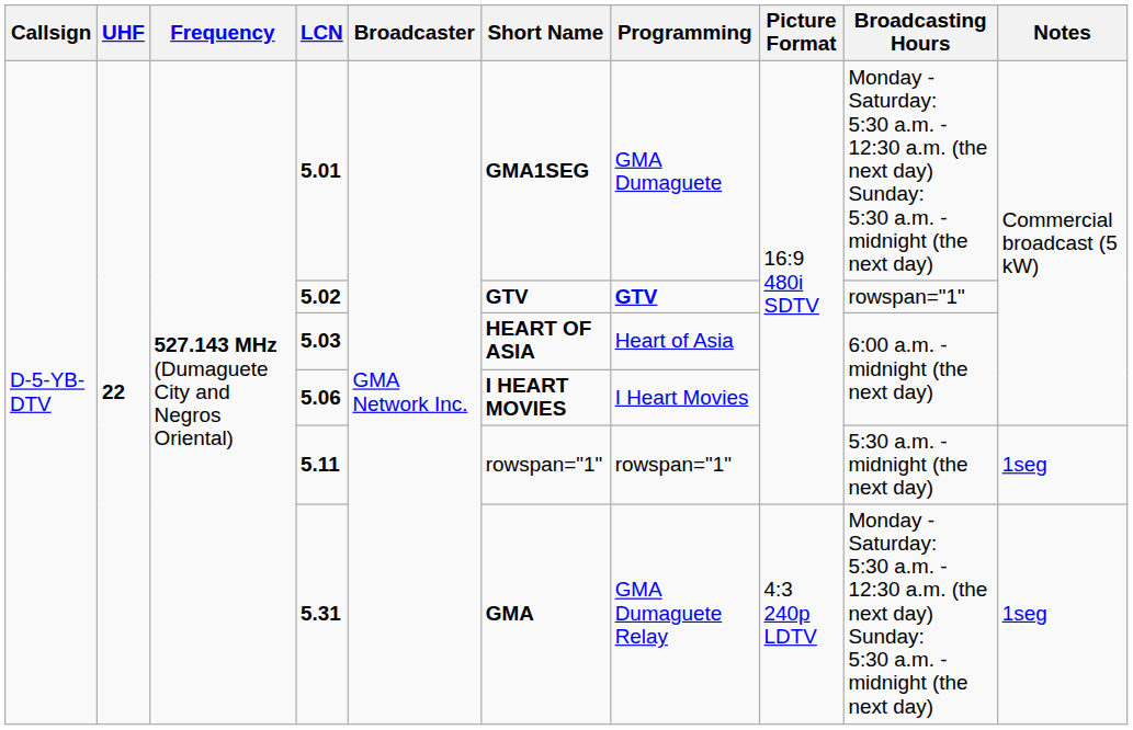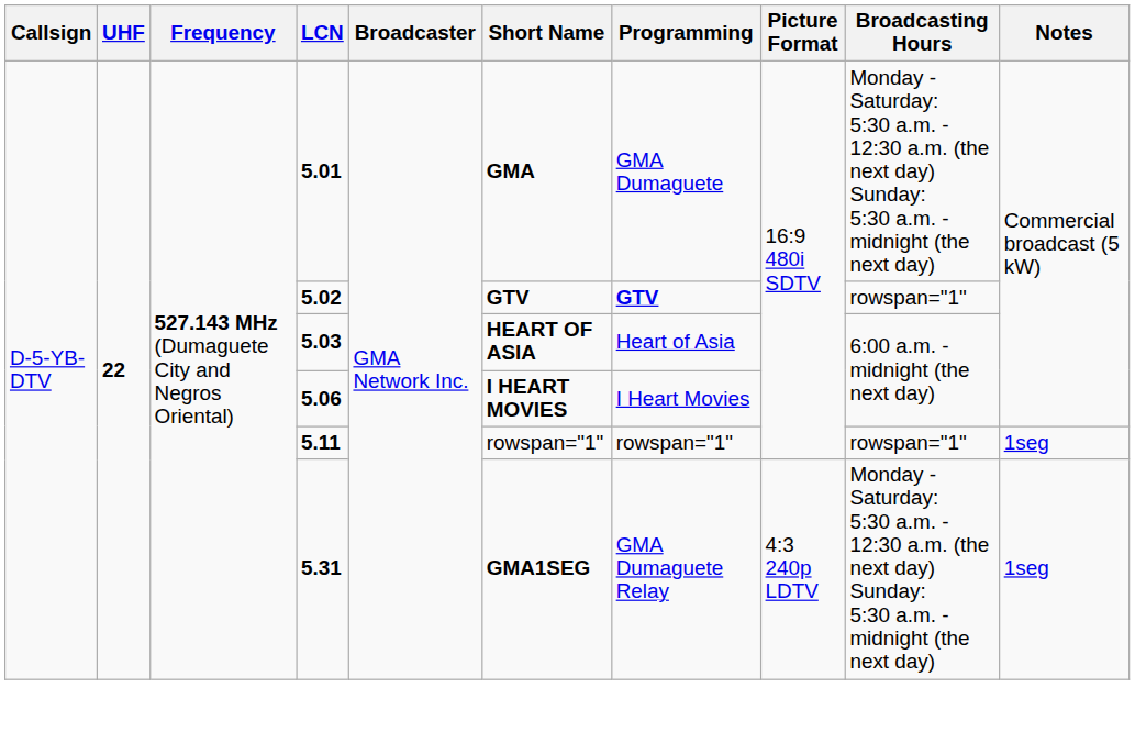 <table class="wikitable sortable">
 <tr>
 <th>Callsign</th>
 <th><a href='#'>UHF</a></th>
 <th><a href='#'>Frequency</a></th>
 <th><a href='#'>LCN</a></th>
 <th>Broadcaster</th>
 <th>Short Name</th>
 <th>Programming</th>
 <th>Picture Format</th>
 <th>Broadcasting Hours</th>
 <th>Notes</th>
 </tr>
 <tr>
 <td rowspan="6"><a href='#'>D-5-YB-DTV</a></td>
 <td rowspan="6"><strong>22</strong></td>
 <td rowspan="6"><strong>527.143 MHz</strong><br>(Dumaguete City and Negros Oriental)</td>
 <td><strong>5.01</strong></td>
 <td rowspan="6"><a href='#'>GMA Network Inc.</a></td>
-<td><strong>GMA1SEG</strong></td>
+<td><strong>GMA</strong></td>
 <td><a href='#'>GMA Dumaguete</a></td>
 <td rowspan="5">16:9 <a href='#'>480i</a> <a href='#'>SDTV</a></td>
 <td>Monday - Saturday: <br> 5:30 a.m. - 12:30 a.m. (the next day) <br> Sunday: <br> 5:30 a.m. - midnight (the next day)</td>
 <td rowspan="4">Commercial broadcast (5 kW)</td>
 </tr>
 <tr>
 <td><strong>5.02</strong></td>
 <td><strong>GTV</strong></td>
 <td><strong><a href='#'>GTV</a></strong></td>
 <td>rowspan="1" </td>
 </tr>
 <tr>
 <td><strong>5.03</strong></td>
 <td><strong>HEART OF ASIA</strong></td>
 <td><a href='#'>Heart of Asia</a></td>
 <td rowspan="2">6:00 a.m. - midnight (the next day)</td>
 </tr>
 <tr>
 <td><strong>5.06</strong></td>
 <td><strong>I HEART MOVIES</strong></td>
 <td><a href='#'>I Heart Movies</a></td>
 </tr>
 <tr>
 <td><strong>5.11</strong></td>
 <td>rowspan="1" </td>
 <td>rowspan="1" </td>
-<td rowspan="1">5:30 a.m. - midnight (the next day)</td>
+<td>rowspan="1" </td>
 <td><a href='#'>1seg</a></td>
 </tr>
 <tr>
 <td><strong>5.31</strong></td>
-<td><strong>GMA</strong></td>
+<td><strong>GMA1SEG</strong></td>
 <td><a href='#'>GMA Dumaguete Relay</a></td>
 <td>4:3 <a href='#'>240p</a> <a href='#'>LDTV</a></td>
 <td>Monday - Saturday: <br> 5:30 a.m. - 12:30 a.m. (the next day) <br> Sunday: <br> 5:30 a.m. - midnight (the next day)</td>
 <td><a href='#'>1seg</a></td>
 </tr>
 </table>
